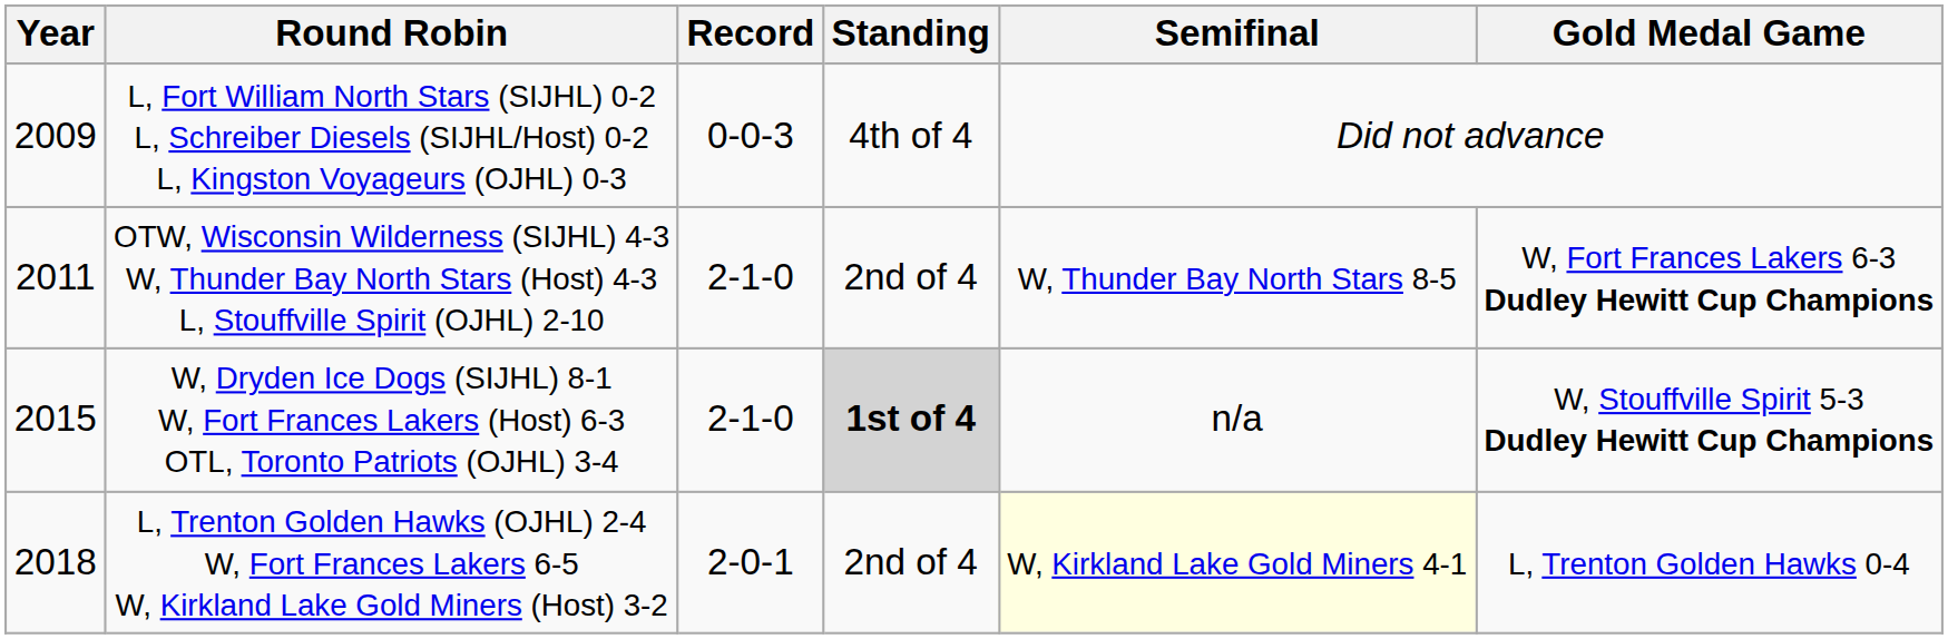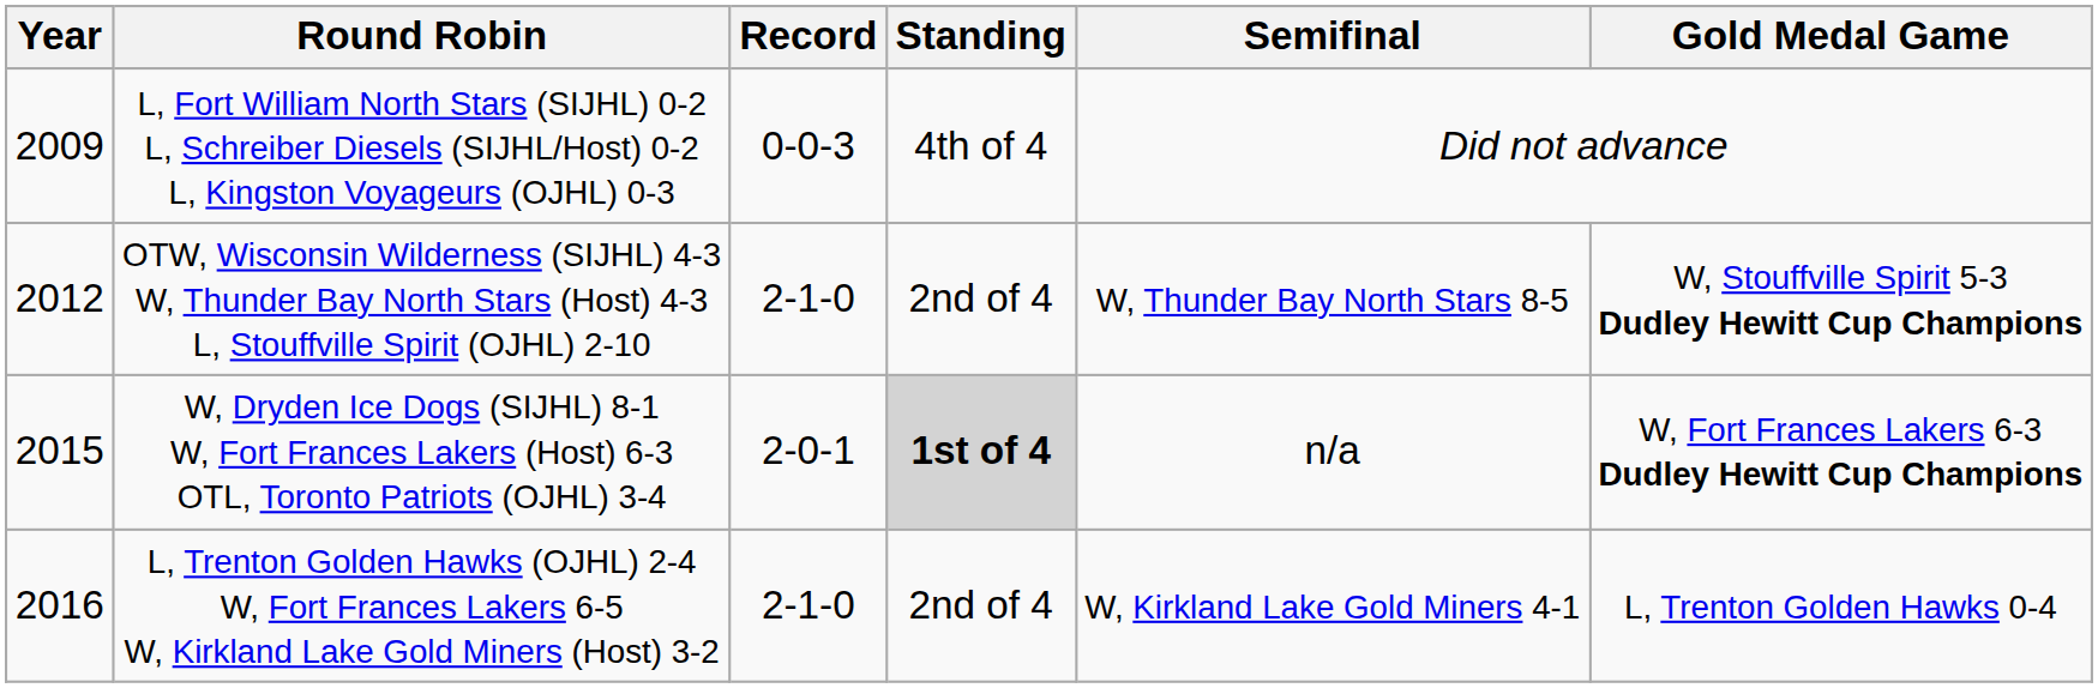 <table class="wikitable" style="text-align:center;">
 <tr>
 <th>Year</th>
 <th>Round Robin</th>
 <th>Record</th>
 <th>Standing</th>
 <th>Semifinal</th>
 <th>Gold Medal Game</th>
 </tr>
 <tr>
 <td>2009</td>
 <td><small>L, <a href='#'>Fort William North Stars</a> (SIJHL) 0-2<br>L, <a href='#'>Schreiber Diesels</a> (SIJHL/Host) 0-2<br>L, <a href='#'>Kingston Voyageurs</a> (OJHL) 0-3</small></td>
 <td>0-0-3</td>
 <td>4th of 4</td>
 <td colspan=2><em>Did not advance</em></td>
 </tr>
 <tr>
-<td>2011</td>
+<td>2012</td>
 <td><small>OTW, <a href='#'>Wisconsin Wilderness</a> (SIJHL) 4-3<br>W, <a href='#'>Thunder Bay North Stars</a> (Host) 4-3<br>L, <a href='#'>Stouffville Spirit</a> (OJHL) 2-10</small></td>
 <td>2-1-0</td>
 <td>2nd of 4</td>
 <td><small>W, <a href='#'>Thunder Bay North Stars</a> 8-5</small></td>
-<td><small>W, <a href='#'>Fort Frances Lakers</a> 6-3<br> <strong>Dudley Hewitt Cup Champions</strong></small></td>
+<td><small>W, <a href='#'>Stouffville Spirit</a> 5-3<br> <strong>Dudley Hewitt Cup Champions</strong> </small></td>
 </tr>
 <tr>
 <td>2015</td>
 <td><small>W, <a href='#'>Dryden Ice Dogs</a> (SIJHL) 8-1 <br>W, <a href='#'>Fort Frances Lakers</a> (Host) 6-3<br>OTL, <a href='#'>Toronto Patriots</a> (OJHL) 3-4</small></td>
-<td>2-1-0</td>
+<td>2-0-1</td>
 <td style="background: lightgrey;"><strong>1st of 4</strong></td>
 <td>n/a</td>
-<td><small>W, <a href='#'>Stouffville Spirit</a> 5-3<br> <strong>Dudley Hewitt Cup Champions</strong> </small></td>
+<td><small>W, <a href='#'>Fort Frances Lakers</a> 6-3<br> <strong>Dudley Hewitt Cup Champions</strong></small></td>
 </tr>
 <tr>
-<td>2018</td>
+<td>2016</td>
 <td><small>L, <a href='#'>Trenton Golden Hawks</a> (OJHL) 2-4 <br>W, <a href='#'>Fort Frances Lakers</a> 6-5<br>W, <a href='#'>Kirkland Lake Gold Miners</a> (Host) 3-2</small></td>
-<td>2-0-1</td>
+<td>2-1-0</td>
 <td>2nd of 4</td>
-<td style="background: lightyellow;"><small>W, <a href='#'>Kirkland Lake Gold Miners</a> 4-1</small></td>
+<td><small>W, <a href='#'>Kirkland Lake Gold Miners</a> 4-1</small></td>
 <td><small>L, <a href='#'>Trenton Golden Hawks</a> 0-4</small></td>
 </tr>
 </table>
